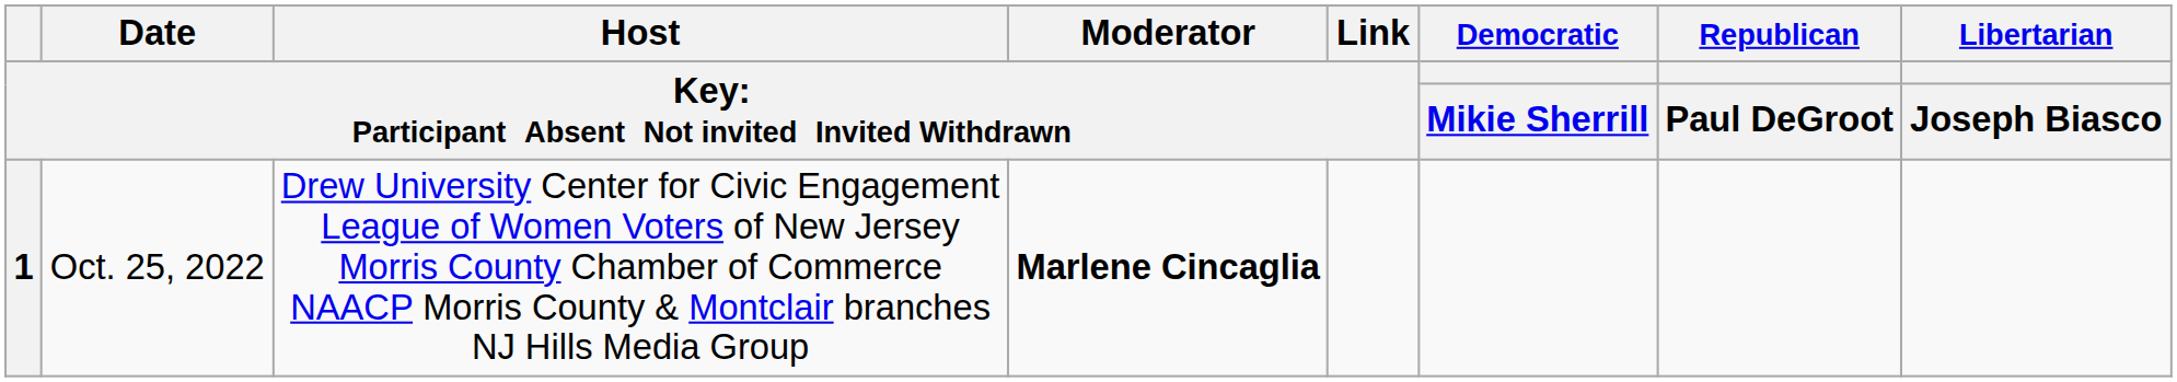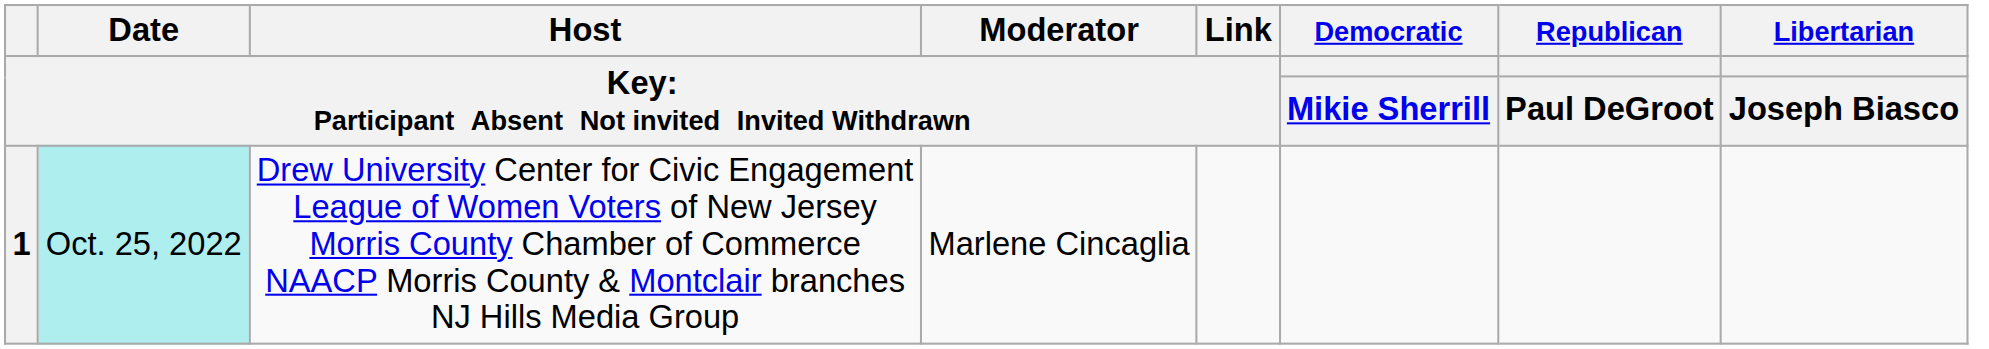 <table class="wikitable" style="text-align:center;">
 <tr>
 <th scope="col"></th>
 <th scope="col">Date</th>
 <th scope="col">Host</th>
 <th scope="col">Moderator</th>
 <th scope="col">Link</th>
 <th scope="col"><small><a href='#'>Democratic</a></small></th>
 <th scope="col"><small><a href='#'>Republican</a></small></th>
 <th scope="col"><small><a href='#'>Libertarian</a></small></th>
 </tr>
 <tr>
 <th colspan="5" rowspan="2">Key:<br> <small>Participant </small>  <small>Absent </small>  <small>Not invited </small>  <small>Invited  Withdrawn</small></th>
 <th scope="col" style="background:"></th>
 <th scope="col" style="background:"></th>
 <th scope="col" style="background:"></th>
 </tr>
 <tr>
 <th scope="col"><a href='#'>Mikie Sherrill</a></th>
 <th scope="col">Paul DeGroot</th>
 <th scope="col">Joseph Biasco</th>
 </tr>
 <tr>
 <th>1</th>
-<td style="white-space:nowrap;">Oct. 25, 2022</td>
+<td style="background: paleturquoise; white-space:nowrap;">Oct. 25, 2022</td>
 <td style="white-space:nowrap;"><a href='#'>Drew University</a> Center for Civic Engagement<br><a href='#'>League of Women Voters</a> of New Jersey<br><a href='#'>Morris County</a> Chamber of Commerce<br><a href='#'>NAACP</a> Morris County & <a href='#'>Montclair</a> branches<br>NJ Hills Media Group</td>
-<td style="white-space:nowrap;"><strong>Marlene Cincaglia</strong></td>
+<td style="white-space:nowrap;">Marlene Cincaglia</td>
 <td style="white-space:nowrap;"></td>
 <td></td>
 <td></td>
 <td></td>
 </tr>
 </table>
